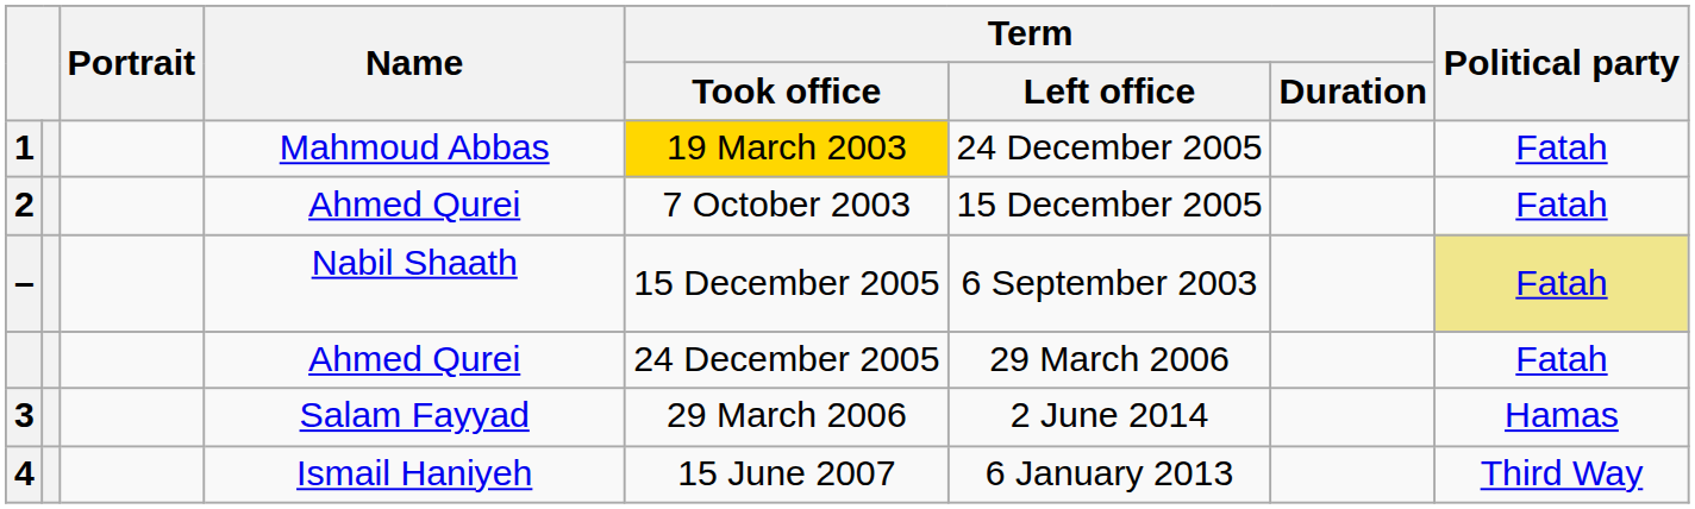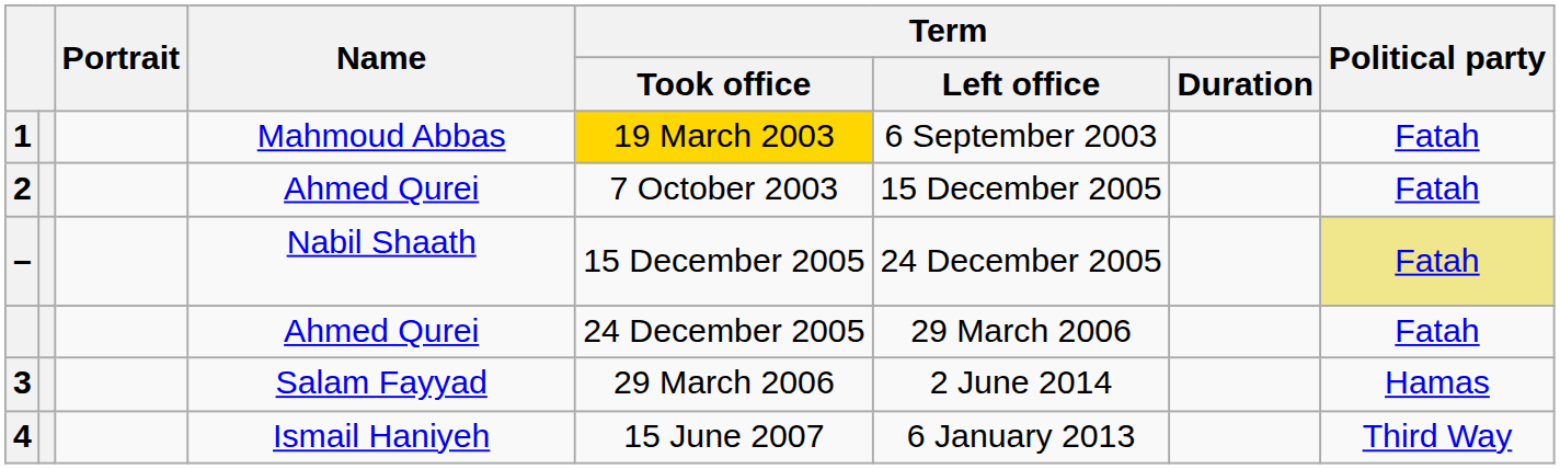 <table class="wikitable" style="text-align:center">
 <tr>
 <th rowspan=2 colspan=2></th>
 <th rowspan=2>Portrait</th>
 <th rowspan=2 width=180>Name<br></th>
 <th colspan=3>Term</th>
 <th rowspan=2>Political party</th>
 </tr>
 <tr>
 <th>Took office</th>
 <th>Left office</th>
 <th>Duration</th>
 </tr>
 <tr>
 <th>1</th>
 <th style="background:"></th>
 <td></td>
 <td><a href='#'>Mahmoud Abbas</a><br></td>
 <td style="background: gold;">19 March 2003</td>
-<td>24 December 2005</td>
+<td>6 September 2003</td>
 <td></td>
 <td><a href='#'>Fatah</a><br></td>
 </tr>
 <tr>
 <th>2</th>
 <th style="background:"></th>
 <td></td>
 <td><a href='#'>Ahmed Qurei</a><br></td>
 <td>7 October 2003</td>
 <td>15 December 2005</td>
 <td></td>
 <td><a href='#'>Fatah</a><br></td>
 </tr>
 <tr>
 <th>–</th>
 <th style="background:"></th>
 <td></td>
 <td><a href='#'>Nabil Shaath</a><br><br></td>
 <td>15 December 2005</td>
-<td>6 September 2003</td>
+<td>24 December 2005</td>
 <td></td>
 <td style="background: khaki;"><a href='#'>Fatah</a><br></td>
 </tr>
 <tr>
 <th></th>
 <th style="background:"></th>
 <td></td>
 <td><a href='#'>Ahmed Qurei</a><br></td>
 <td>24 December 2005</td>
 <td>29 March 2006</td>
 <td></td>
 <td><a href='#'>Fatah</a><br></td>
 </tr>
 <tr>
 <th>3</th>
 <th style="background:"></th>
 <td></td>
 <td><a href='#'>Salam Fayyad</a><br></td>
 <td>29 March 2006</td>
 <td>2 June 2014</td>
 <td></td>
 <td><a href='#'>Hamas</a></td>
 </tr>
 <tr>
 <th>4</th>
 <th style="background:"></th>
 <td></td>
 <td><a href='#'>Ismail Haniyeh</a><br></td>
 <td>15 June 2007</td>
 <td>6 January 2013</td>
 <td></td>
 <td><a href='#'>Third Way</a></td>
 </tr>
 </table>
